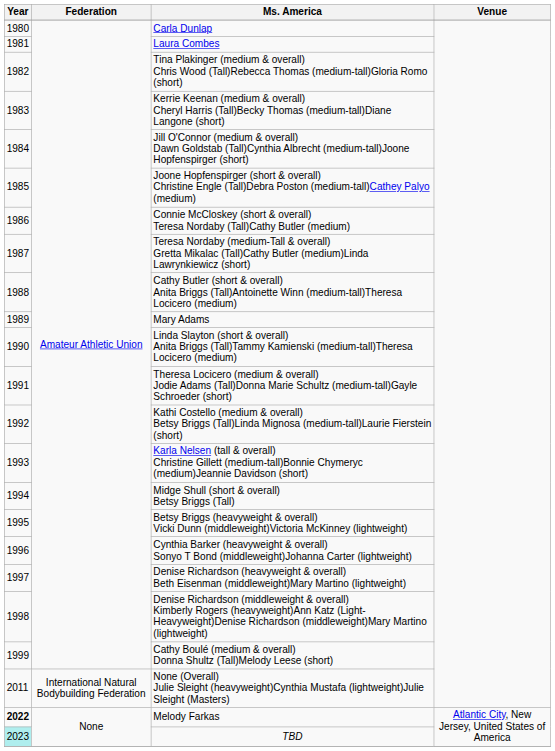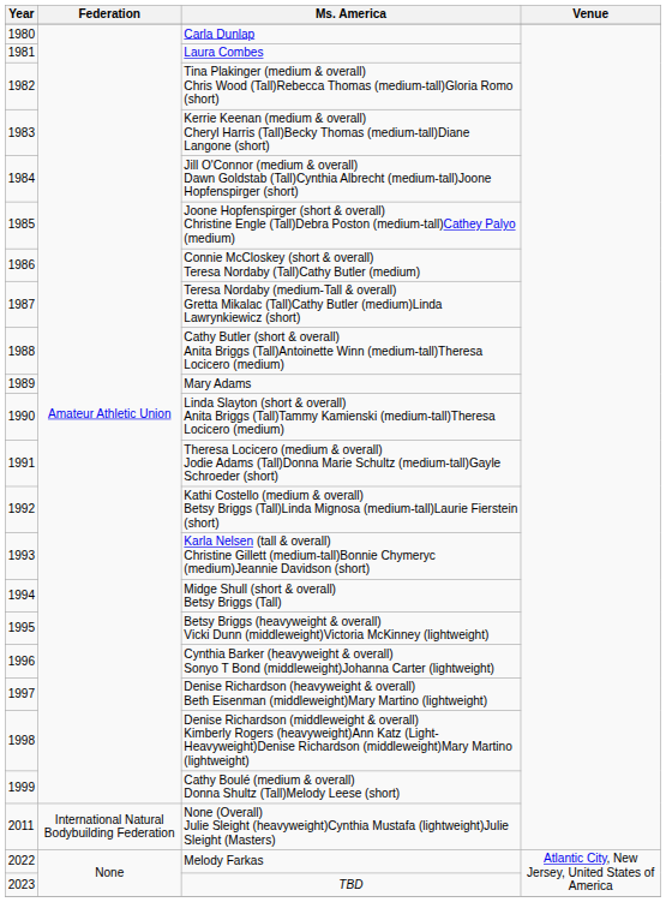 <table class="wikitable">
 <tr>
 <th>Year</th>
 <th>Federation</th>
 <th>Ms. America</th>
 <th>Venue</th>
 </tr>
 <tr>
 </tr>
 <tr>
 <td>1980</td>
 <td rowspan=20 colspan=1 align="center"><a href='#'>Amateur Athletic Union</a></td>
 <td><a href='#'>Carla Dunlap</a></td>
 <td rowspan=21 colspan=1></td>
 </tr>
 <tr>
 <td>1981</td>
 <td><a href='#'>Laura Combes</a></td>
 </tr>
 <tr>
 <td>1982</td>
 <td>Tina Plakinger (medium & overall)<br>Chris Wood (Tall)Rebecca Thomas (medium-tall)Gloria Romo (short)</td>
 </tr>
 <tr>
 <td>1983</td>
 <td>Kerrie Keenan (medium & overall)<br>Cheryl Harris (Tall)Becky Thomas (medium-tall)Diane Langone (short)</td>
 </tr>
 <tr>
 <td>1984</td>
 <td>Jill O'Connor (medium & overall)<br>Dawn Goldstab (Tall)Cynthia Albrecht (medium-tall)Joone Hopfenspirger (short)</td>
 </tr>
 <tr>
 <td>1985</td>
 <td>Joone Hopfenspirger (short & overall)<br>Christine Engle (Tall)Debra Poston (medium-tall)<a href='#'>Cathey Palyo</a> (medium)</td>
 </tr>
 <tr>
 <td>1986</td>
 <td>Connie McCloskey (short & overall)<br>Teresa Nordaby (Tall)Cathy Butler (medium)</td>
 </tr>
 <tr>
 <td>1987</td>
 <td>Teresa Nordaby (medium-Tall & overall)<br>Gretta Mikalac (Tall)Cathy Butler (medium)Linda Lawrynkiewicz (short)</td>
 </tr>
 <tr>
 <td>1988</td>
 <td>Cathy Butler (short & overall)<br>Anita Briggs (Tall)Antoinette Winn (medium-tall)Theresa Locicero (medium)</td>
 </tr>
 <tr>
 <td>1989</td>
 <td>Mary Adams</td>
 </tr>
 <tr>
 <td>1990</td>
 <td>Linda Slayton (short & overall)<br>Anita Briggs (Tall)Tammy Kamienski (medium-tall)Theresa Locicero (medium)</td>
 </tr>
 <tr>
 <td>1991</td>
 <td>Theresa Locicero (medium & overall)<br>Jodie Adams (Tall)Donna Marie Schultz (medium-tall)Gayle Schroeder (short)</td>
 </tr>
 <tr>
 <td>1992</td>
 <td>Kathi Costello (medium & overall)<br>Betsy Briggs (Tall)Linda Mignosa (medium-tall)Laurie Fierstein (short)</td>
 </tr>
 <tr>
 <td>1993</td>
 <td><a href='#'>Karla Nelsen</a> (tall & overall)<br>Christine Gillett (medium-tall)Bonnie Chymeryc (medium)Jeannie Davidson (short)</td>
 </tr>
 <tr>
 <td>1994</td>
 <td>Midge Shull (short & overall)<br>Betsy Briggs (Tall)</td>
 </tr>
 <tr>
 <td>1995</td>
 <td>Betsy Briggs (heavyweight & overall)<br>Vicki Dunn (middleweight)Victoria McKinney (lightweight)</td>
 </tr>
 <tr>
 <td>1996</td>
 <td>Cynthia Barker (heavyweight & overall)<br>Sonyo T Bond (middleweight)Johanna Carter (lightweight)</td>
 </tr>
 <tr>
 <td>1997</td>
 <td>Denise Richardson (heavyweight & overall)<br>Beth Eisenman (middleweight)Mary Martino (lightweight)</td>
 </tr>
 <tr>
 <td>1998</td>
 <td>Denise Richardson (middleweight & overall)<br>Kimberly Rogers (heavyweight)Ann Katz (Light-Heavyweight)Denise Richardson (middleweight)Mary Martino (lightweight)</td>
 </tr>
 <tr>
 <td>1999</td>
 <td>Cathy Boulé (medium & overall)<br>Donna Shultz (Tall)Melody Leese (short)</td>
 </tr>
 <tr>
 <td>2011</td>
 <td align="center">International Natural Bodybuilding Federation</td>
 <td>None (Overall)<br>Julie Sleight (heavyweight)Cynthia Mustafa (lightweight)Julie Sleight (Masters)</td>
 </tr>
 <tr>
-<td><strong>2022</strong></td>
+<td>2022</td>
 <td rowspan=2 colspan=1 align="center">None</td>
 <td>Melody Farkas</td>
 <td rowspan=2 colspan=1 align="center"><a href='#'>Atlantic City</a>, New Jersey, United States of America</td>
 </tr>
 <tr>
-<td style="background: paleturquoise;">2023</td>
+<td>2023</td>
 <td align="center"><em>TBD</em></td>
 </tr>
 <tr>
 </tr>
 </table>
